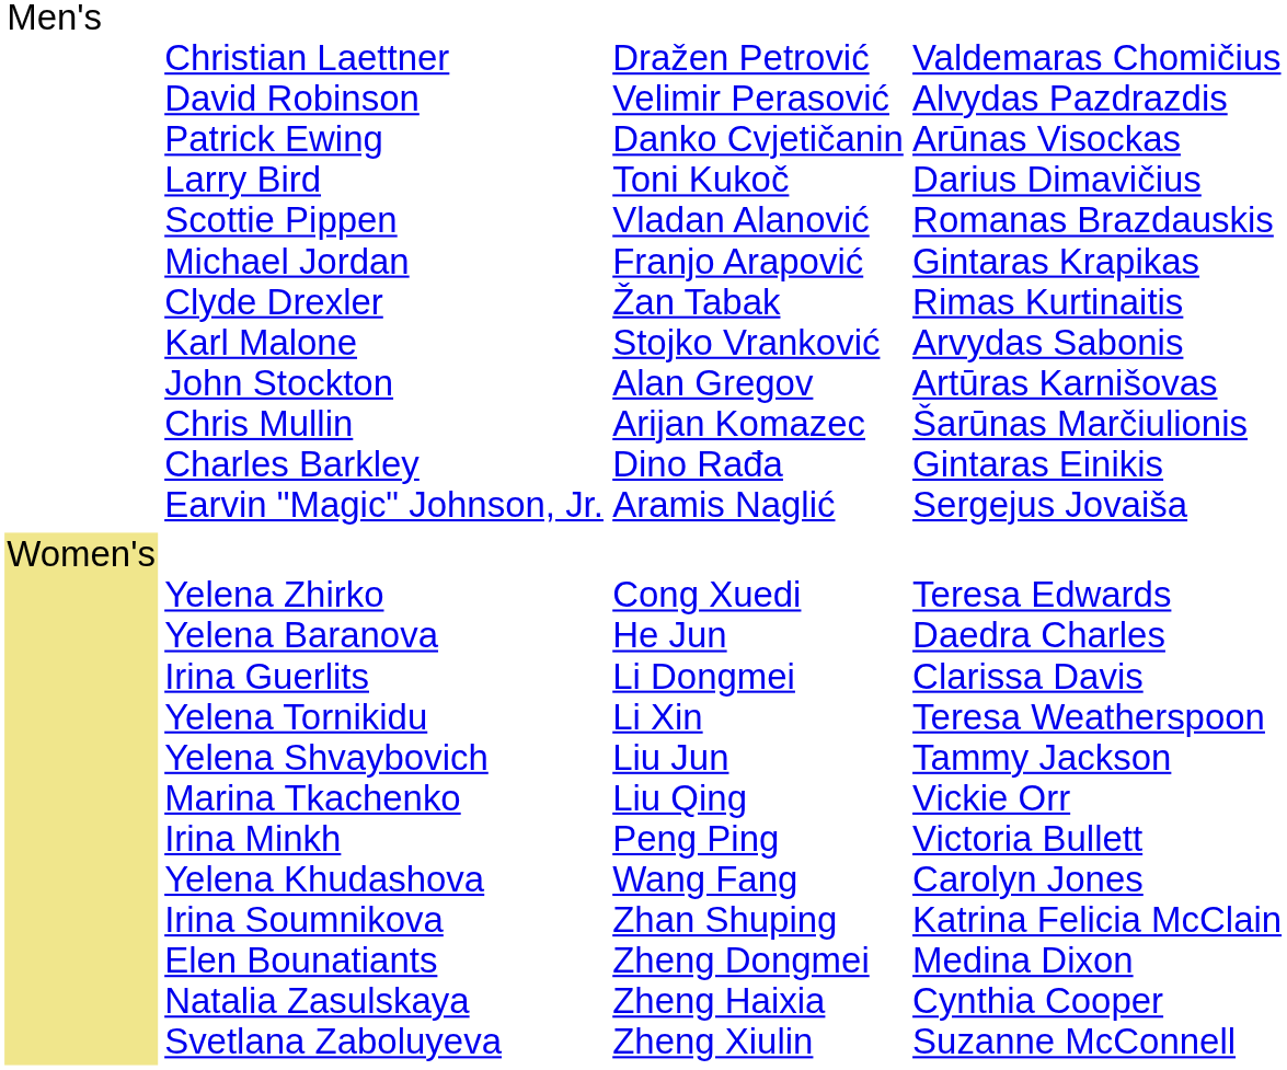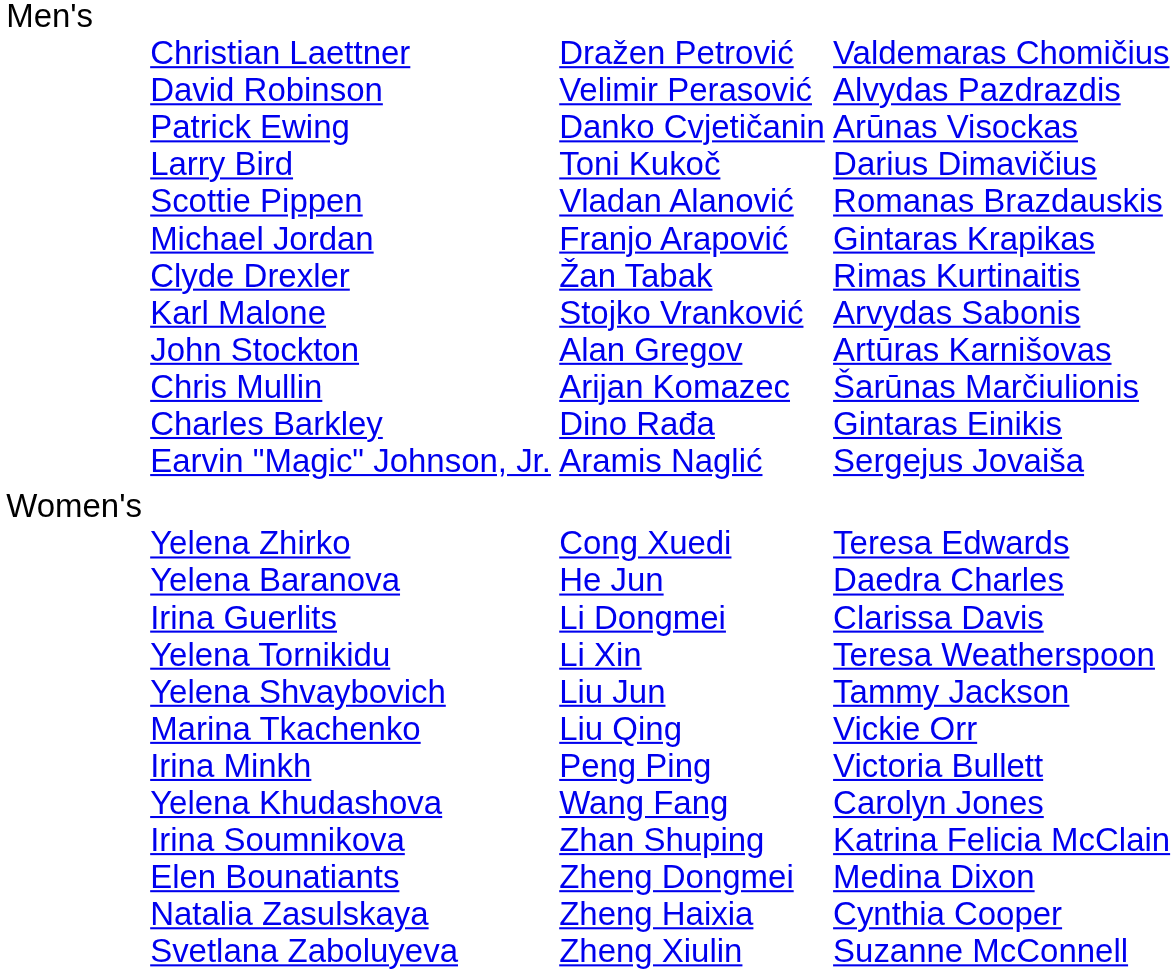 <table>
 <tr valign="top">
 <td>Men's <br></td>
 <td><br><a href='#'>Christian Laettner</a><br><a href='#'>David Robinson</a><br><a href='#'>Patrick Ewing</a> <br><a href='#'>Larry Bird</a><br> <a href='#'>Scottie Pippen</a><br> <a href='#'>Michael Jordan</a><br> <a href='#'>Clyde Drexler</a><br> <a href='#'>Karl Malone</a><br> <a href='#'>John Stockton</a><br> <a href='#'>Chris Mullin</a><br> <a href='#'>Charles Barkley</a><br> <a href='#'>Earvin "Magic" Johnson, Jr.</a></td>
 <td><br><a href='#'>Dražen Petrović</a><br><a href='#'>Velimir Perasović</a><br><a href='#'>Danko Cvjetičanin</a><br><a href='#'>Toni Kukoč</a><br><a href='#'>Vladan Alanović</a><br><a href='#'>Franjo Arapović</a><br><a href='#'>Žan Tabak</a><br><a href='#'>Stojko Vranković</a><br><a href='#'>Alan Gregov</a><br><a href='#'>Arijan Komazec</a><br><a href='#'>Dino Rađa</a><br><a href='#'>Aramis Naglić</a></td>
 <td><br><a href='#'>Valdemaras Chomičius</a><br><a href='#'>Alvydas Pazdrazdis</a><br><a href='#'>Arūnas Visockas</a><br><a href='#'>Darius Dimavičius</a><br><a href='#'>Romanas Brazdauskis</a><br><a href='#'>Gintaras Krapikas</a><br><a href='#'>Rimas Kurtinaitis</a><br><a href='#'>Arvydas Sabonis</a><br><a href='#'>Artūras Karnišovas</a><br><a href='#'>Šarūnas Marčiulionis</a><br><a href='#'>Gintaras Einikis</a><br><a href='#'>Sergejus Jovaiša</a></td>
 </tr>
 <tr valign="top">
-<td style="background: khaki;">Women's<br></td>
+<td>Women's<br></td>
 <td><br><a href='#'>Yelena Zhirko</a><br><a href='#'>Yelena Baranova</a><br><a href='#'>Irina Guerlits</a><br><a href='#'>Yelena Tornikidu</a><br><a href='#'>Yelena Shvaybovich</a><br><a href='#'>Marina Tkachenko</a><br><a href='#'>Irina Minkh</a><br><a href='#'>Yelena Khudashova</a><br><a href='#'>Irina Soumnikova</a><br><a href='#'>Elen Bounatiants</a><br><a href='#'>Natalia Zasulskaya</a><br><a href='#'>Svetlana Zaboluyeva</a></td>
 <td><br><a href='#'>Cong Xuedi</a><br><a href='#'>He Jun</a><br><a href='#'>Li Dongmei</a><br><a href='#'>Li Xin</a><br><a href='#'>Liu Jun</a><br><a href='#'>Liu Qing</a><br><a href='#'>Peng Ping</a><br><a href='#'>Wang Fang</a><br><a href='#'>Zhan Shuping</a><br><a href='#'>Zheng Dongmei</a><br><a href='#'>Zheng Haixia</a><br><a href='#'>Zheng Xiulin</a></td>
 <td><br><a href='#'>Teresa Edwards</a><br><a href='#'>Daedra Charles</a><br><a href='#'>Clarissa Davis</a><br><a href='#'>Teresa Weatherspoon</a><br><a href='#'>Tammy Jackson</a><br><a href='#'>Vickie Orr</a><br><a href='#'>Victoria Bullett</a><br><a href='#'>Carolyn Jones</a><br><a href='#'>Katrina Felicia McClain</a><br><a href='#'>Medina Dixon</a><br><a href='#'>Cynthia Cooper</a><br><a href='#'>Suzanne McConnell</a></td>
 </tr>
 </table>
